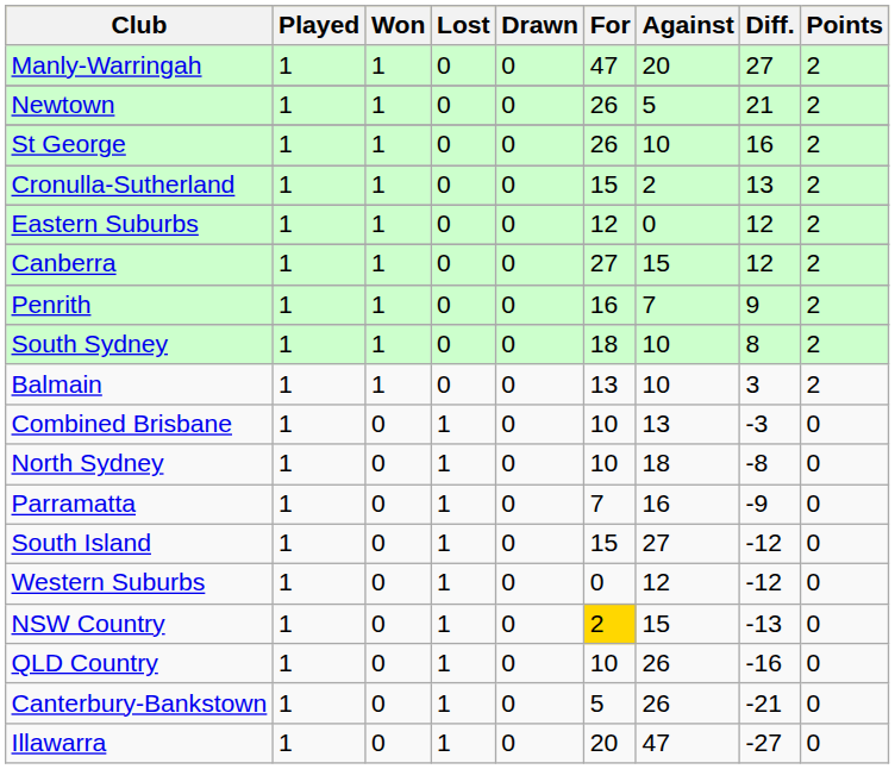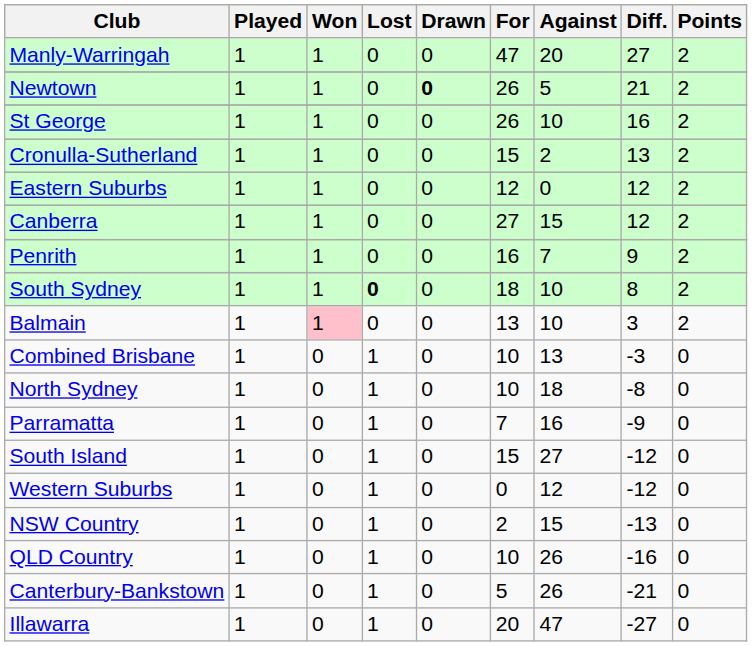 <table class="wikitable">
 <tr style="background:#bdb76b;">
 <th>Club</th>
 <th>Played</th>
 <th>Won</th>
 <th>Lost</th>
 <th>Drawn</th>
 <th>For</th>
 <th>Against</th>
 <th>Diff.</th>
 <th>Points</th>
 </tr>
 <tr style="background:#cfc;">
 <td> <a href='#'>Manly-Warringah</a></td>
 <td>1</td>
 <td>1</td>
 <td>0</td>
 <td>0</td>
 <td>47</td>
 <td>20</td>
 <td>27</td>
 <td>2</td>
 </tr>
 <tr>
 </tr>
 <tr style="background:#cfc;">
 <td> <a href='#'>Newtown</a></td>
 <td>1</td>
 <td>1</td>
 <td>0</td>
-<td>0</td>
+<td><strong>0</strong></td>
 <td>26</td>
 <td>5</td>
 <td>21</td>
 <td>2</td>
 </tr>
 <tr>
 </tr>
 <tr style="background:#cfc;">
 <td> <a href='#'>St George</a></td>
 <td>1</td>
 <td>1</td>
 <td>0</td>
 <td>0</td>
 <td>26</td>
 <td>10</td>
 <td>16</td>
 <td>2</td>
 </tr>
 <tr>
 </tr>
 <tr style="background:#cfc;">
 <td> <a href='#'>Cronulla-Sutherland</a></td>
 <td>1</td>
 <td>1</td>
 <td>0</td>
 <td>0</td>
 <td>15</td>
 <td>2</td>
 <td>13</td>
 <td>2</td>
 </tr>
 <tr>
 </tr>
 <tr style="background:#cfc;">
 <td> <a href='#'>Eastern Suburbs</a></td>
 <td>1</td>
 <td>1</td>
 <td>0</td>
 <td>0</td>
 <td>12</td>
 <td>0</td>
 <td>12</td>
 <td>2</td>
 </tr>
 <tr>
 </tr>
 <tr style="background:#cfc;">
 <td> <a href='#'>Canberra</a></td>
 <td>1</td>
 <td>1</td>
 <td>0</td>
 <td>0</td>
 <td>27</td>
 <td>15</td>
 <td>12</td>
 <td>2</td>
 </tr>
 <tr>
 </tr>
 <tr style="background:#cfc;">
 <td> <a href='#'>Penrith</a></td>
 <td>1</td>
 <td>1</td>
 <td>0</td>
 <td>0</td>
 <td>16</td>
 <td>7</td>
 <td>9</td>
 <td>2</td>
 </tr>
 <tr>
 </tr>
 <tr style="background:#cfc;">
 <td> <a href='#'>South Sydney</a></td>
 <td>1</td>
 <td>1</td>
-<td>0</td>
+<td><strong>0</strong></td>
 <td>0</td>
 <td>18</td>
 <td>10</td>
 <td>8</td>
 <td>2</td>
 </tr>
 <tr>
 <td> <a href='#'>Balmain</a></td>
 <td>1</td>
-<td>1</td>
+<td style="background: pink;">1</td>
 <td>0</td>
 <td>0</td>
 <td>13</td>
 <td>10</td>
 <td>3</td>
 <td>2</td>
 </tr>
 <tr>
 <td> <a href='#'>Combined Brisbane</a></td>
 <td>1</td>
 <td>0</td>
 <td>1</td>
 <td>0</td>
 <td>10</td>
 <td>13</td>
 <td>-3</td>
 <td>0</td>
 </tr>
 <tr>
 <td> <a href='#'>North Sydney</a></td>
 <td>1</td>
 <td>0</td>
 <td>1</td>
 <td>0</td>
 <td>10</td>
 <td>18</td>
 <td>-8</td>
 <td>0</td>
 </tr>
 <tr>
 <td> <a href='#'>Parramatta</a></td>
 <td>1</td>
 <td>0</td>
 <td>1</td>
 <td>0</td>
 <td>7</td>
 <td>16</td>
 <td>-9</td>
 <td>0</td>
 </tr>
 <tr>
 <td>  <a href='#'>South Island</a></td>
 <td>1</td>
 <td>0</td>
 <td>1</td>
 <td>0</td>
 <td>15</td>
 <td>27</td>
 <td>-12</td>
 <td>0</td>
 </tr>
 <tr>
 <td> <a href='#'>Western Suburbs</a></td>
 <td>1</td>
 <td>0</td>
 <td>1</td>
 <td>0</td>
 <td>0</td>
 <td>12</td>
 <td>-12</td>
 <td>0</td>
 </tr>
 <tr>
 <td> <a href='#'>NSW Country</a></td>
 <td>1</td>
 <td>0</td>
 <td>1</td>
 <td>0</td>
-<td style="background: gold;">2</td>
+<td>2</td>
 <td>15</td>
 <td>-13</td>
 <td>0</td>
 </tr>
 <tr>
 <td> <a href='#'>QLD Country</a></td>
 <td>1</td>
 <td>0</td>
 <td>1</td>
 <td>0</td>
 <td>10</td>
 <td>26</td>
 <td>-16</td>
 <td>0</td>
 </tr>
 <tr>
 <td> <a href='#'>Canterbury-Bankstown</a></td>
 <td>1</td>
 <td>0</td>
 <td>1</td>
 <td>0</td>
 <td>5</td>
 <td>26</td>
 <td>-21</td>
 <td>0</td>
 </tr>
 <tr>
 <td> <a href='#'>Illawarra</a></td>
 <td>1</td>
 <td>0</td>
 <td>1</td>
 <td>0</td>
 <td>20</td>
 <td>47</td>
 <td>-27</td>
 <td>0</td>
 </tr>
 </table>
